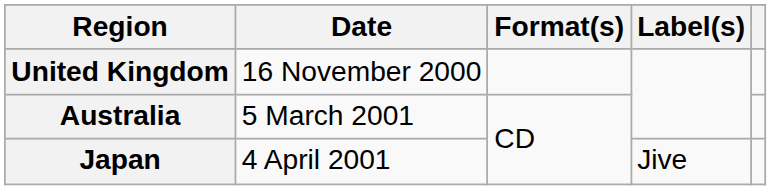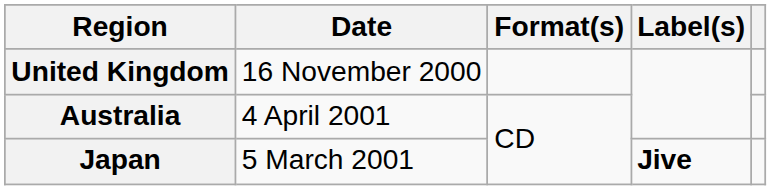 <table class="wikitable plainrowheaders">
 <tr>
 <th scope="col">Region</th>
 <th scope="col">Date</th>
 <th scope="col">Format(s)</th>
 <th scope="col">Label(s)</th>
 <th scope="col"></th>
 </tr>
 <tr>
 <th scope="row">United Kingdom</th>
 <td>16 November 2000</td>
 <td></td>
 <td rowspan="2"></td>
 <td></td>
 </tr>
 <tr>
 <th scope="row">Australia</th>
-<td>5 March 2001</td>
+<td>4 April 2001</td>
 <td rowspan="2">CD</td>
 <td></td>
 </tr>
 <tr>
 <th scope="row">Japan</th>
-<td>4 April 2001</td>
-<td>Jive</td>
+<td>5 March 2001</td>
+<td><strong>Jive</strong></td>
 <td></td>
 </tr>
 </table>
